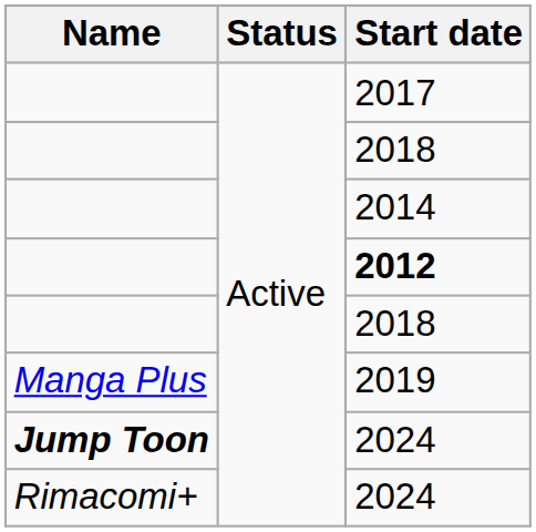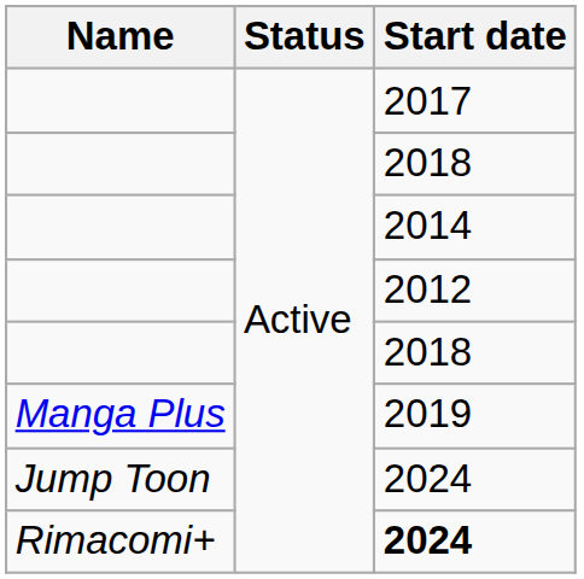 <table class="wikitable sortable">
 <tr>
 <th>Name</th>
 <th>Status</th>
 <th>Start date</th>
 </tr>
 <tr>
 <td></td>
 <td rowspan="8">Active</td>
 <td>2017</td>
 </tr>
 <tr>
 <td></td>
 <td>2018</td>
 </tr>
 <tr>
 <td></td>
 <td>2014</td>
 </tr>
 <tr>
 <td></td>
-<td><strong>2012</strong></td>
+<td>2012</td>
 </tr>
 <tr>
 <td></td>
 <td>2018</td>
 </tr>
 <tr>
 <td><em><a href='#'>Manga Plus</a></em></td>
 <td>2019</td>
 </tr>
 <tr>
-<td><strong><em>Jump Toon</em></strong></td>
+<td><em>Jump Toon</em></td>
 <td>2024</td>
 </tr>
 <tr>
 <td><em>Rimacomi+</em></td>
-<td>2024</td>
+<td><strong>2024</strong></td>
 </tr>
 </table>
